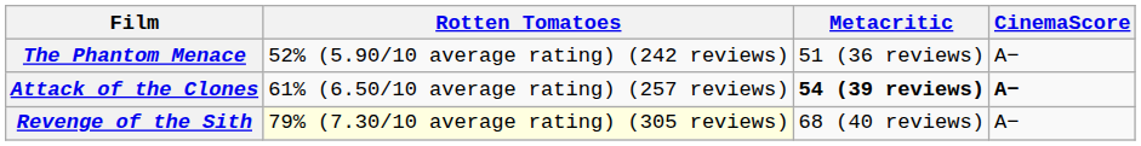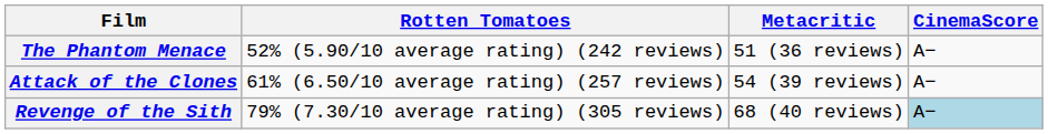 <table class="wikitable sortable plainrowheaders">
 <tr>
 <th scope="col">Film</th>
 <th scope="col"><a href='#'>Rotten Tomatoes</a></th>
 <th scope="col"><a href='#'>Metacritic</a></th>
 <th scope="col"><a href='#'>CinemaScore</a></th>
 </tr>
 <tr>
 <th scope="row"><em><a href='#'>The Phantom Menace</a></em></th>
 <td>52% (5.90/10 average rating) (242 reviews)</td>
 <td>51 (36 reviews)</td>
 <td>A−</td>
 </tr>
 <tr>
 <th scope="row"><em><a href='#'>Attack of the Clones</a></em></th>
 <td>61% (6.50/10 average rating) (257 reviews)</td>
-<td><strong>54 (39 reviews)</strong></td>
-<td><strong>A−</strong></td>
+<td>54 (39 reviews)</td>
+<td>A−</td>
 </tr>
 <tr>
 <th scope="row"><em><a href='#'>Revenge of the Sith</a></em></th>
-<td style="background: lightyellow;">79% (7.30/10 average rating) (305 reviews)</td>
+<td>79% (7.30/10 average rating) (305 reviews)</td>
 <td>68 (40 reviews)</td>
-<td>A−</td>
+<td style="background: lightblue;">A−</td>
 </tr>
 </table>
